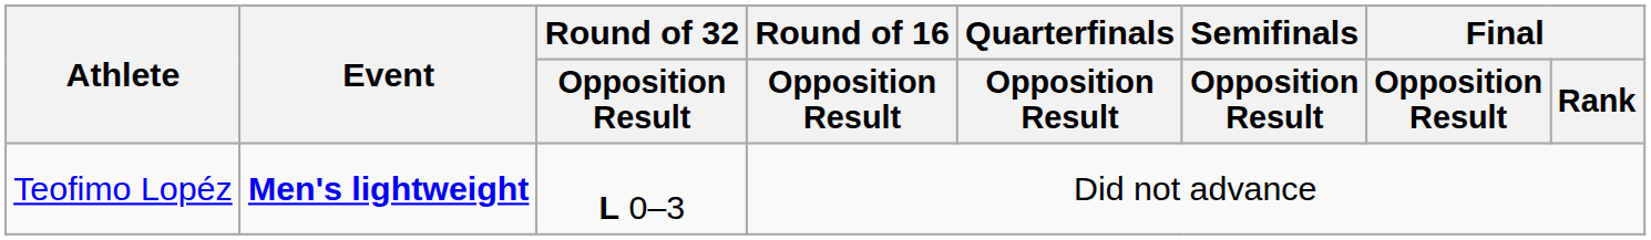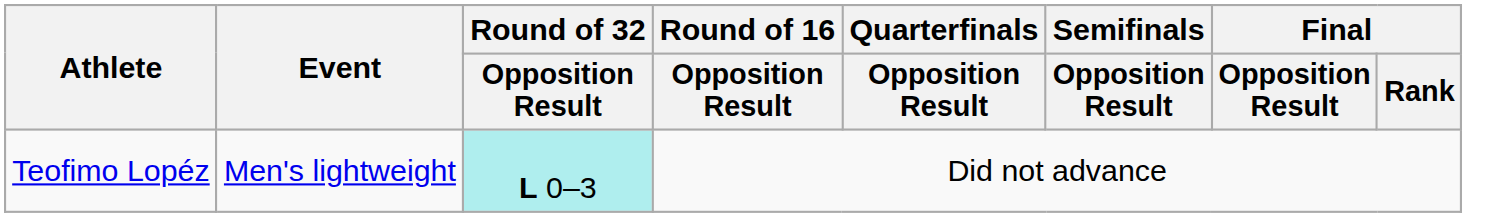 <table class="wikitable" style="font-size:90%">
 <tr>
 <th rowspan="2">Athlete</th>
 <th rowspan="2">Event</th>
 <th>Round of 32</th>
 <th>Round of 16</th>
 <th>Quarterfinals</th>
 <th>Semifinals</th>
 <th colspan=2>Final</th>
 </tr>
 <tr style="font-size:95%">
 <th>Opposition<br>Result</th>
 <th>Opposition<br>Result</th>
 <th>Opposition<br>Result</th>
 <th>Opposition<br>Result</th>
 <th>Opposition<br>Result</th>
 <th>Rank</th>
 </tr>
 <tr align=center>
 <td align=left><a href='#'>Teofimo Lopéz</a></td>
-<td align=left><strong><a href='#'>Men's lightweight</a></strong></td>
-<td><br><strong>L</strong> 0–3</td>
+<td align=left><a href='#'>Men's lightweight</a></td>
+<td style="background: paleturquoise;"><br><strong>L</strong> 0–3</td>
 <td colspan=5>Did not advance</td>
 </tr>
 </table>
